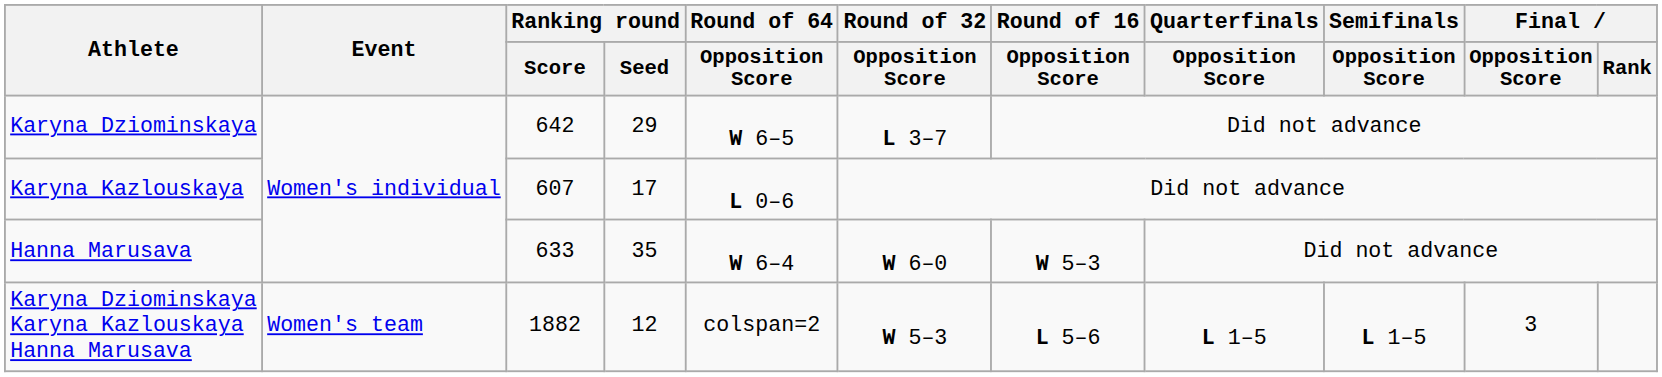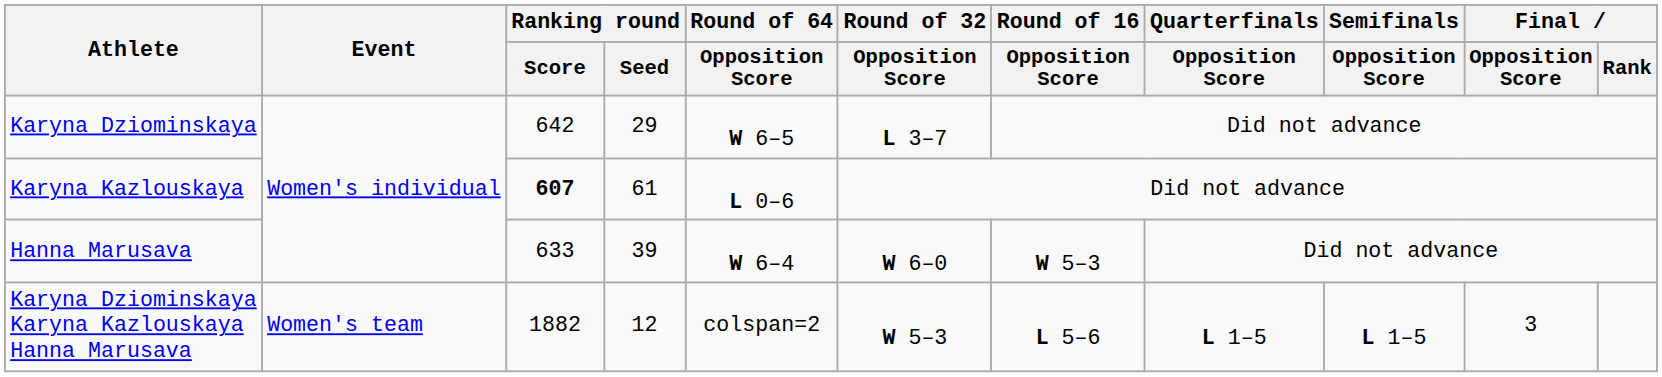 <table class="wikitable" style="font-size:90%">
 <tr>
 <th rowspan=2>Athlete</th>
 <th rowspan=2>Event</th>
 <th colspan="2">Ranking round</th>
 <th>Round of 64</th>
 <th>Round of 32</th>
 <th>Round of 16</th>
 <th>Quarterfinals</th>
 <th>Semifinals</th>
 <th colspan="2">Final / </th>
 </tr>
 <tr style="font-size:95%">
 <th>Score</th>
 <th>Seed</th>
 <th>Opposition<br>Score</th>
 <th>Opposition<br>Score</th>
 <th>Opposition<br>Score</th>
 <th>Opposition<br>Score</th>
 <th>Opposition<br>Score</th>
 <th>Opposition<br>Score</th>
 <th>Rank</th>
 </tr>
 <tr align=center>
 <td align=left><a href='#'>Karyna Dziominskaya</a></td>
 <td align=left rowspan=3><a href='#'>Women's individual</a></td>
 <td>642</td>
 <td>29</td>
 <td><br><strong>W</strong> 6–5</td>
 <td><br><strong>L</strong> 3–7</td>
 <td colspan=5>Did not advance</td>
 </tr>
 <tr align=center>
 <td align=left><a href='#'>Karyna Kazlouskaya</a></td>
-<td>607</td>
-<td>17</td>
+<td><strong>607</strong></td>
+<td>61</td>
 <td><br> <strong>L</strong> 0–6</td>
 <td colspan=6>Did not advance</td>
 </tr>
 <tr align=center>
 <td align=left><a href='#'>Hanna Marusava</a></td>
 <td>633</td>
-<td>35</td>
+<td>39</td>
 <td><br><strong>W</strong> 6–4</td>
 <td><br><strong>W</strong> 6–0</td>
 <td><br><strong>W</strong> 5–3</td>
 <td colspan=4>Did not advance</td>
 </tr>
 <tr align=center>
 <td align=left><a href='#'>Karyna Dziominskaya</a><br><a href='#'>Karyna Kazlouskaya</a><br><a href='#'>Hanna Marusava</a></td>
 <td align=left><a href='#'>Women's team</a></td>
 <td>1882</td>
 <td>12</td>
 <td>colspan=2 </td>
 <td><br><strong>W</strong> 5–3</td>
 <td><br><strong>L</strong> 5–6</td>
 <td><br><strong>L</strong> 1–5</td>
 <td><br><strong>L</strong> 1–5</td>
 <td>3</td>
 </tr>
 </table>
